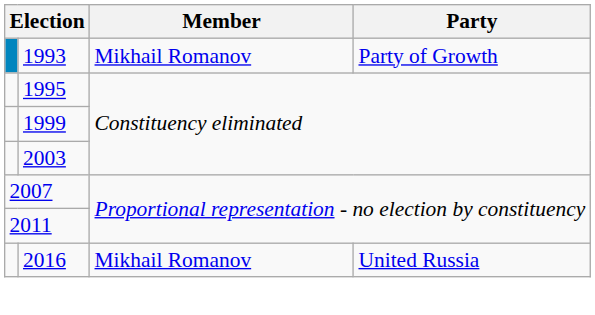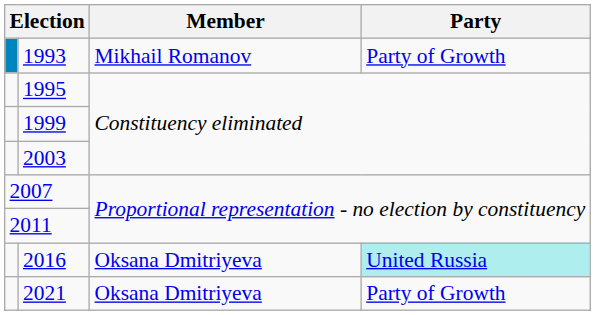 <table class="wikitable">
 <tr>
 <th colspan="2">Election</th>
 <th>Member</th>
 <th>Party</th>
 </tr>
 <tr>
 <td style="background-color:#0085BE"></td>
 <td><a href='#'>1993</a></td>
 <td><a href='#'>Mikhail Romanov</a></td>
 <td><a href='#'>Party of Growth</a></td>
 </tr>
 <tr>
 <td style="background-color:"></td>
 <td><a href='#'>1995</a></td>
 <td colspan=2 rowspan=3><em>Constituency eliminated</em></td>
 </tr>
 <tr>
 <td style="background-color:"></td>
 <td><a href='#'>1999</a></td>
 </tr>
 <tr>
 <td style="background-color:"></td>
 <td><a href='#'>2003</a></td>
 </tr>
 <tr>
 <td colspan=2><a href='#'>2007</a></td>
 <td colspan=2 rowspan=2><em><a href='#'>Proportional representation</a> - no election by constituency</em></td>
 </tr>
 <tr>
 <td colspan=2><a href='#'>2011</a></td>
 </tr>
 <tr>
 <td style="background-color: "></td>
 <td><a href='#'>2016</a></td>
-<td><a href='#'>Mikhail Romanov</a></td>
-<td><a href='#'>United Russia</a></td>
+<td><a href='#'>Oksana Dmitriyeva</a></td>
+<td style="background: paleturquoise;"><a href='#'>United Russia</a></td>
+</tr>
+<tr>
+<td style="background-color: "></td>
+<td><a href='#'>2021</a></td>
+<td><a href='#'>Oksana Dmitriyeva</a></td>
+<td><a href='#'>Party of Growth</a></td>
 </tr>
 </table>
